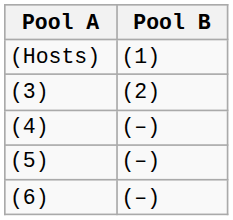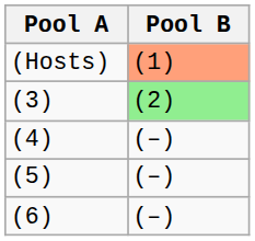 <table class="wikitable">
 <tr>
 <th width=45%>Pool A</th>
 <th width=45%>Pool B</th>
 </tr>
 <tr>
 <td> (Hosts)</td>
-<td> (1)</td>
+<td style="background: lightsalmon;"> (1)</td>
 </tr>
 <tr>
 <td> (3)</td>
-<td> (2)</td>
+<td style="background: lightgreen;"> (2)</td>
 </tr>
 <tr>
 <td> (4)</td>
 <td> (–)</td>
 </tr>
 <tr>
 <td> (5)</td>
 <td> (–)</td>
 </tr>
 <tr>
 <td> (6)</td>
 <td> (–)</td>
 </tr>
 </table>
